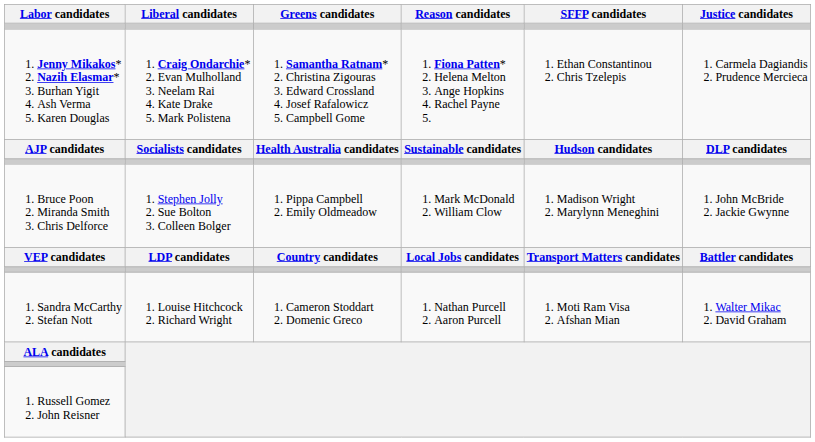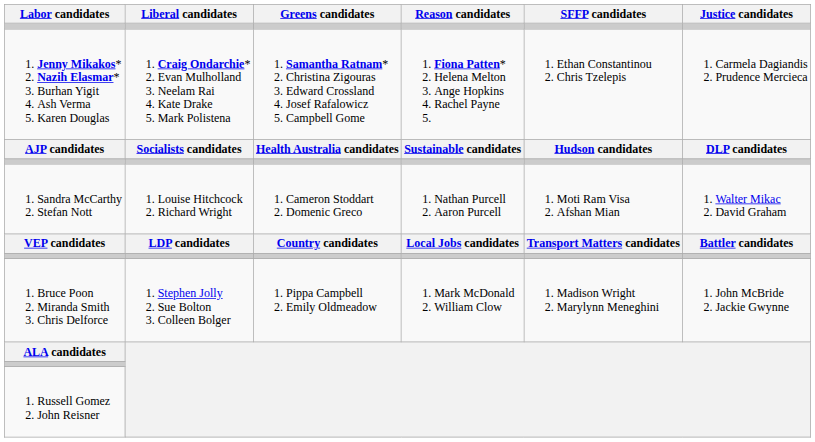 <table class="wikitable">
 <tr>
 <th><a href='#'>Labor</a> candidates</th>
 <th><a href='#'>Liberal</a> candidates</th>
 <th><a href='#'>Greens</a> candidates</th>
 <th><a href='#'>Reason</a> candidates</th>
 <th><a href='#'>SFFP</a> candidates</th>
 <th><a href='#'>Justice</a> candidates</th>
 </tr>
 <tr bgcolor="#cccccc">
 <td></td>
 <td></td>
 <td></td>
 <td></td>
 <td></td>
 <td></td>
 </tr>
 <tr>
 <td><br><ol><li><strong><a href='#'>Jenny Mikakos</a></strong>*</li><li><strong><a href='#'>Nazih Elasmar</a></strong>*</li><li>Burhan Yigit</li><li>Ash Verma</li><li>Karen Douglas</li></ol></td>
 <td><br><ol><li><strong><a href='#'>Craig Ondarchie</a></strong>*</li><li>Evan Mulholland</li><li>Neelam Rai</li><li>Kate Drake</li><li>Mark Polistena</li></ol></td>
 <td><br><ol><li><strong><a href='#'>Samantha Ratnam</a></strong>*</li><li>Christina Zigouras</li><li>Edward Crossland</li><li>Josef Rafalowicz</li><li>Campbell Gome</li></ol></td>
 <td><br><ol><li><strong><a href='#'>Fiona Patten</a></strong>*</li><li>Helena Melton</li><li>Ange Hopkins</li><li>Rachel Payne</li><li></li></ol></td>
 <td valign=top><br><ol><li>Ethan Constantinou</li><li>Chris Tzelepis</li></ol></td>
 <td valign=top><br><ol><li>Carmela Dagiandis</li><li>Prudence Mercieca</li></ol></td>
 </tr>
 <tr bgcolor="#cccccc">
 <th><a href='#'>AJP</a> candidates</th>
 <th><a href='#'>Socialists</a> candidates</th>
 <th><a href='#'>Health Australia</a> candidates</th>
 <th><a href='#'>Sustainable</a> candidates</th>
 <th><a href='#'>Hudson</a> candidates</th>
 <th><a href='#'>DLP</a> candidates</th>
 </tr>
 <tr bgcolor="#cccccc">
 <td></td>
 <td></td>
 <td></td>
 <td></td>
 <td></td>
 <td></td>
 </tr>
 <tr>
-<td valign=top><br><ol><li>Bruce Poon</li><li>Miranda Smith</li><li>Chris Delforce</li></ol></td>
-<td valign=top><br><ol><li><a href='#'>Stephen Jolly</a></li><li>Sue Bolton</li><li>Colleen Bolger</li></ol></td>
-<td valign=top><br><ol><li>Pippa Campbell</li><li>Emily Oldmeadow</li></ol></td>
-<td valign=top><br><ol><li>Mark McDonald</li><li>William Clow</li></ol></td>
-<td valign=top><br><ol><li>Madison Wright</li><li>Marylynn Meneghini</li></ol></td>
-<td valign=top><br><ol><li>John McBride</li><li>Jackie Gwynne</li></ol></td>
+<td valign=top><br><ol><li>Sandra McCarthy</li><li>Stefan Nott</li></ol></td>
+<td valign=top><br><ol><li>Louise Hitchcock</li><li>Richard Wright</li></ol></td>
+<td valign=top><br><ol><li>Cameron Stoddart</li><li>Domenic Greco</li></ol></td>
+<td valign=top><br><ol><li>Nathan Purcell</li><li>Aaron Purcell</li></ol></td>
+<td valign=top><br><ol><li>Moti Ram Visa</li><li>Afshan Mian</li></ol></td>
+<td valign=top><br><ol><li><a href='#'>Walter Mikac</a></li><li>David Graham</li></ol></td>
 </tr>
 <tr bgcolor="#cccccc">
 <th><a href='#'>VEP</a> candidates</th>
 <th><a href='#'>LDP</a> candidates</th>
 <th><a href='#'>Country</a> candidates</th>
 <th><a href='#'>Local Jobs</a> candidates</th>
 <th><a href='#'>Transport Matters</a> candidates</th>
 <th><a href='#'>Battler</a> candidates</th>
 </tr>
 <tr bgcolor="#cccccc">
 <td></td>
 <td></td>
 <td></td>
 <td></td>
 <td></td>
 <td></td>
 </tr>
 <tr>
-<td valign=top><br><ol><li>Sandra McCarthy</li><li>Stefan Nott</li></ol></td>
-<td valign=top><br><ol><li>Louise Hitchcock</li><li>Richard Wright</li></ol></td>
-<td valign=top><br><ol><li>Cameron Stoddart</li><li>Domenic Greco</li></ol></td>
-<td valign=top><br><ol><li>Nathan Purcell</li><li>Aaron Purcell</li></ol></td>
-<td valign=top><br><ol><li>Moti Ram Visa</li><li>Afshan Mian</li></ol></td>
-<td valign=top><br><ol><li><a href='#'>Walter Mikac</a></li><li>David Graham</li></ol></td>
+<td valign=top><br><ol><li>Bruce Poon</li><li>Miranda Smith</li><li>Chris Delforce</li></ol></td>
+<td valign=top><br><ol><li><a href='#'>Stephen Jolly</a></li><li>Sue Bolton</li><li>Colleen Bolger</li></ol></td>
+<td valign=top><br><ol><li>Pippa Campbell</li><li>Emily Oldmeadow</li></ol></td>
+<td valign=top><br><ol><li>Mark McDonald</li><li>William Clow</li></ol></td>
+<td valign=top><br><ol><li>Madison Wright</li><li>Marylynn Meneghini</li></ol></td>
+<td valign=top><br><ol><li>John McBride</li><li>Jackie Gwynne</li></ol></td>
 </tr>
 <tr bgcolor="#cccccc">
 <th><a href='#'>ALA</a> candidates</th>
 <th colspan=5 rowspan=3 ></th>
 </tr>
 <tr bgcolor="#cccccc">
 <td></td>
 </tr>
 <tr>
 <td valign=top><br><ol><li>Russell Gomez</li><li>John Reisner</li></ol></td>
 </tr>
 </table>
